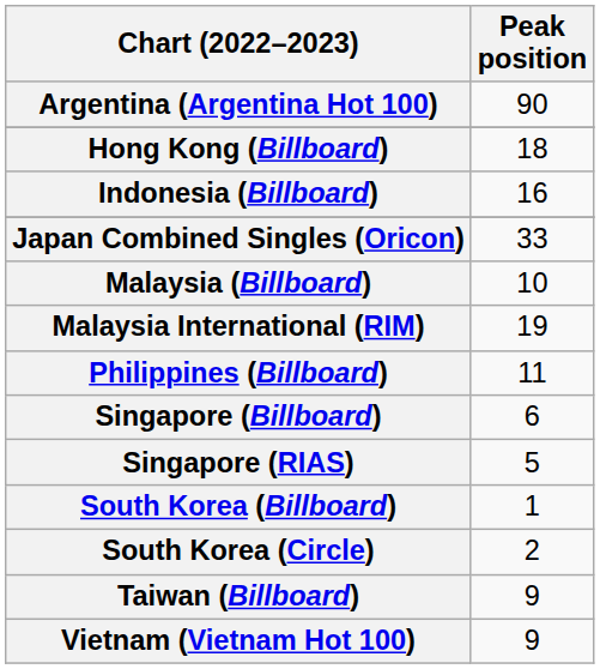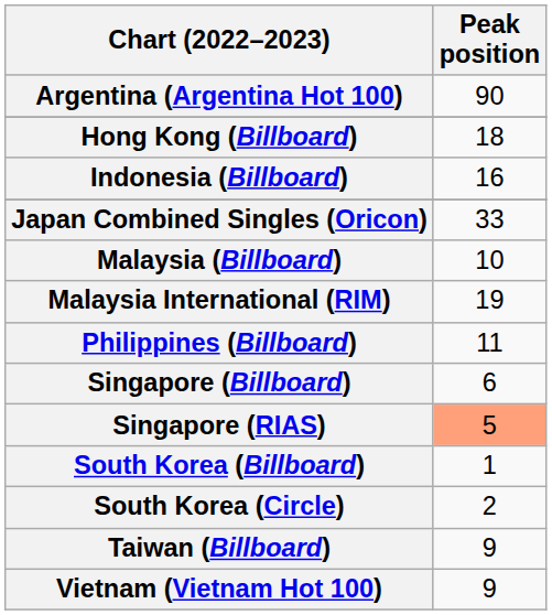 <table class="wikitable sortable plainrowheaders" style="text-align:center">
 <tr>
 <th scope="col">Chart (2022–2023)</th>
 <th scope="col">Peak<br>position</th>
 </tr>
 <tr>
 <th scope="row">Argentina (<a href='#'>Argentina Hot 100</a>)</th>
 <td>90</td>
 </tr>
 <tr>
 </tr>
 <tr>
 </tr>
 <tr>
 <th scope="row">Hong Kong (<em><a href='#'>Billboard</a></em>)</th>
 <td>18</td>
 </tr>
 <tr>
 <th scope="row">Indonesia (<em><a href='#'>Billboard</a></em>)</th>
 <td>16</td>
 </tr>
 <tr>
 </tr>
 <tr>
 <th scope="row">Japan Combined Singles (<a href='#'>Oricon</a>)</th>
 <td>33</td>
 </tr>
 <tr>
 <th scope="row">Malaysia (<em><a href='#'>Billboard</a></em>)</th>
 <td>10</td>
 </tr>
 <tr>
 <th scope="row">Malaysia International (<a href='#'>RIM</a>)</th>
 <td>19</td>
 </tr>
 <tr>
 <th scope="row"><a href='#'>Philippines</a> (<em><a href='#'>Billboard</a></em>)</th>
 <td>11</td>
 </tr>
 <tr>
 <th scope="row">Singapore (<em><a href='#'>Billboard</a></em>)</th>
 <td>6</td>
 </tr>
 <tr>
 <th scope="row">Singapore (<a href='#'>RIAS</a>)</th>
-<td>5</td>
+<td style="background: lightsalmon;">5</td>
 </tr>
 <tr>
 <th scope="row"><a href='#'>South Korea</a> (<em><a href='#'>Billboard</a></em>)</th>
 <td>1</td>
 </tr>
 <tr>
 <th scope="row">South Korea (<a href='#'>Circle</a>)</th>
 <td>2</td>
 </tr>
 <tr>
 <th scope="row">Taiwan (<em><a href='#'>Billboard</a></em>)</th>
 <td>9</td>
 </tr>
 <tr>
 <th scope="row">Vietnam (<a href='#'>Vietnam Hot 100</a>)</th>
 <td>9</td>
 </tr>
 </table>
